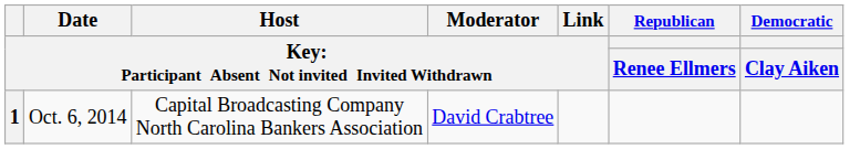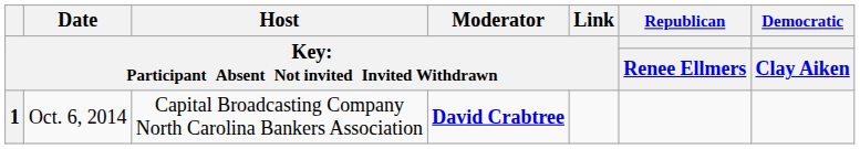 <table class="wikitable" style="text-align:center;">
 <tr>
 <th scope="col"></th>
 <th scope="col">Date</th>
 <th scope="col">Host</th>
 <th scope="col">Moderator</th>
 <th scope="col">Link</th>
 <th scope="col"><small><a href='#'>Republican</a></small></th>
 <th scope="col"><small><a href='#'>Democratic</a></small></th>
 </tr>
 <tr>
 <th colspan="5" rowspan="2">Key:<br> <small>Participant </small>  <small>Absent </small>  <small>Not invited </small>  <small>Invited  Withdrawn</small></th>
 <th scope="col" style="background:"></th>
 <th scope="col" style="background:"></th>
 </tr>
 <tr>
 <th scope="col"><a href='#'>Renee Ellmers</a></th>
 <th scope="col"><a href='#'>Clay Aiken</a></th>
 </tr>
 <tr>
 <th>1</th>
 <td style="white-space:nowrap;">Oct. 6, 2014</td>
 <td style="white-space:nowrap;">Capital Broadcasting Company<br>North Carolina Bankers Association</td>
-<td style="white-space:nowrap;"><a href='#'>David Crabtree</a></td>
+<td style="white-space:nowrap;"><strong><a href='#'>David Crabtree</a></strong></td>
 <td style="white-space:nowrap;"></td>
 <td></td>
 <td></td>
 </tr>
 </table>
